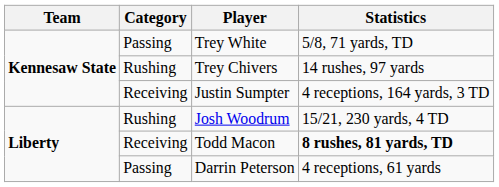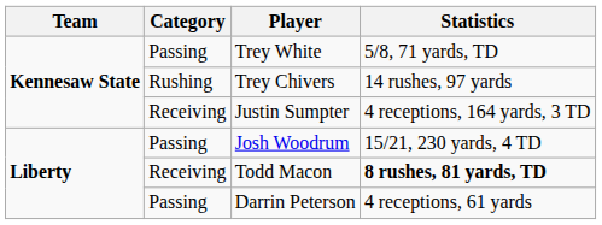 <table class="wikitable" style="float: left;">
 <tr>
 <th>Team</th>
 <th>Category</th>
 <th>Player</th>
 <th>Statistics</th>
 </tr>
 <tr>
 <td rowspan=3><strong>Kennesaw State</strong></td>
 <td>Passing</td>
 <td>Trey White</td>
 <td>5/8, 71 yards, TD</td>
 </tr>
 <tr>
 <td>Rushing</td>
 <td>Trey Chivers</td>
 <td>14 rushes, 97 yards</td>
 </tr>
 <tr>
 <td>Receiving</td>
 <td>Justin Sumpter</td>
 <td>4 receptions, 164 yards, 3 TD</td>
 </tr>
 <tr>
 <td rowspan=3><strong>Liberty</strong></td>
-<td>Rushing</td>
+<td>Passing</td>
 <td><a href='#'>Josh Woodrum</a></td>
 <td>15/21, 230 yards, 4 TD</td>
 </tr>
 <tr>
 <td>Receiving</td>
 <td>Todd Macon</td>
 <td><strong>8 rushes, 81 yards, TD</strong></td>
 </tr>
 <tr>
 <td>Passing</td>
 <td>Darrin Peterson</td>
 <td>4 receptions, 61 yards</td>
 </tr>
 </table>
